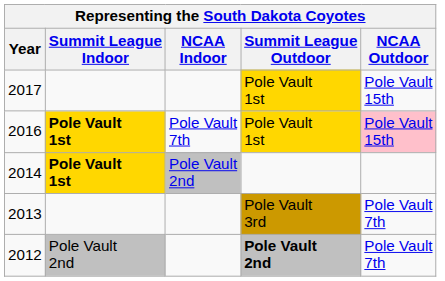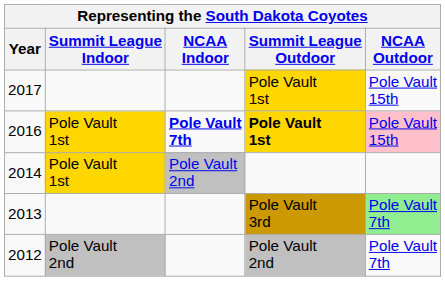 <table class="wikitable sortable">
 <tr>
 <th colspan="9">Representing the <a href='#'>South Dakota Coyotes</a></th>
 </tr>
 <tr>
 <th>Year</th>
 <th><a href='#'>Summit League</a><br><a href='#'>Indoor</a></th>
 <th><a href='#'>NCAA</a><br> <a href='#'>Indoor</a></th>
 <th><a href='#'>Summit League</a><br><a href='#'>Outdoor</a></th>
 <th><a href='#'>NCAA</a><br><a href='#'>Outdoor</a></th>
 </tr>
 <tr>
 <td>2017</td>
 <td></td>
 <td></td>
 <td bgcolor=gold>Pole Vault<br> 1st</td>
 <td><a href='#'>Pole Vault<br> 15th</a></td>
 </tr>
 <tr>
 <td>2016</td>
+<td bgcolor=gold>Pole Vault<br> 1st</td>
+<td><strong><a href='#'>Pole Vault<br> 7th</a></strong></td>
 <td bgcolor=gold><strong>Pole Vault<br> 1st</strong></td>
-<td><a href='#'>Pole Vault<br> 7th</a></td>
-<td bgcolor=gold>Pole Vault<br> 1st</td>
 <td style="background: pink;"><a href='#'>Pole Vault<br> 15th</a></td>
 </tr>
 <tr>
 <td>2014</td>
-<td bgcolor=gold><strong>Pole Vault<br> 1st</strong></td>
+<td bgcolor=gold>Pole Vault<br> 1st</td>
 <td bgcolor=silver><a href='#'>Pole Vault<br> 2nd</a></td>
 <td></td>
 <td></td>
 </tr>
 <tr>
 <td>2013</td>
 <td></td>
 <td></td>
 <td bgcolor=cc9900>Pole Vault<br> 3rd</td>
-<td><a href='#'>Pole Vault<br> 7th</a></td>
+<td style="background: lightgreen;"><a href='#'>Pole Vault<br> 7th</a></td>
 </tr>
 <tr>
 <td>2012</td>
 <td bgcolor=silver>Pole Vault<br> 2nd</td>
 <td></td>
-<td bgcolor=silver><strong>Pole Vault<br> 2nd</strong></td>
+<td bgcolor=silver>Pole Vault<br> 2nd</td>
 <td><a href='#'>Pole Vault<br> 7th</a></td>
 </tr>
 </table>
